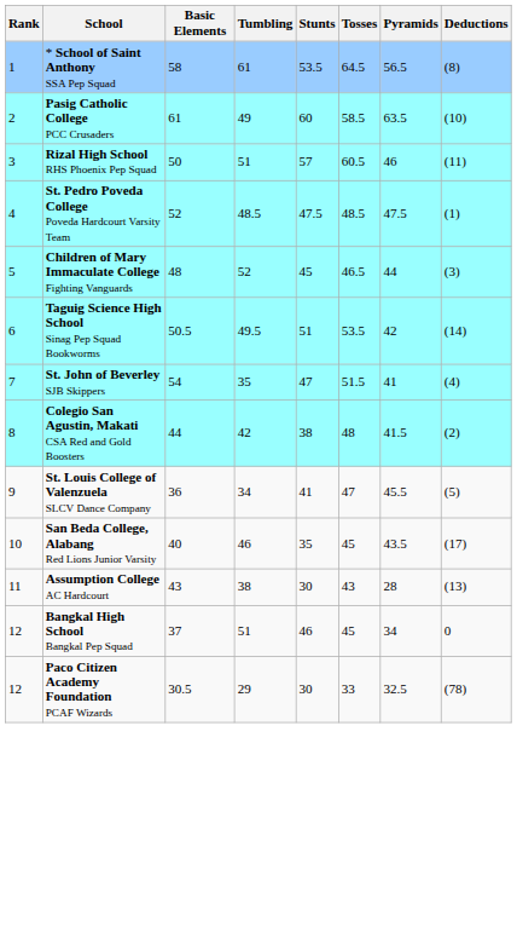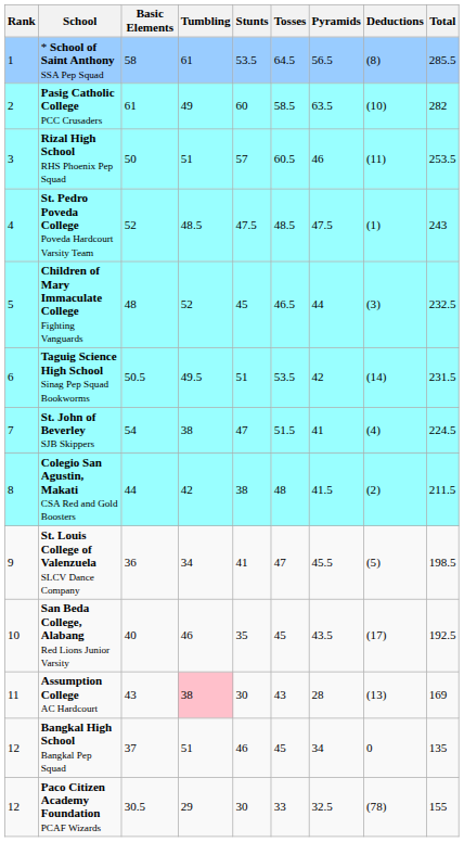 <table class="wikitable" style="text align: center">
 <tr bgcolor="#efefef">
 <th>Rank</th>
 <th>School</th>
 <th>Basic Elements</th>
 <th>Tumbling</th>
 <th>Stunts</th>
 <th>Tosses</th>
 <th>Pyramids</th>
 <th>Deductions</th>
+<th>Total</th>
 </tr>
 <tr bgcolor="99CCFF">
 <td>1</td>
 <td>* <strong>School of Saint Anthony</strong> <br><small>SSA Pep Squad</small></td>
 <td>58</td>
 <td>61</td>
 <td>53.5</td>
 <td>64.5</td>
 <td>56.5</td>
 <td>(8)</td>
+<td>285.5</td>
 </tr>
 <tr bgcolor="99FFFF">
 <td>2</td>
 <td><strong>Pasig Catholic College</strong> <br> <small>PCC Crusaders</small></td>
 <td>61</td>
 <td>49</td>
 <td>60</td>
 <td>58.5</td>
 <td>63.5</td>
 <td>(10)</td>
+<td>282</td>
 </tr>
 <tr bgcolor="99FFFF">
 <td>3</td>
 <td><strong>Rizal High School</strong> <br><small>RHS Phoenix Pep Squad</small></td>
 <td>50</td>
 <td>51</td>
 <td>57</td>
 <td>60.5</td>
 <td>46</td>
 <td>(11)</td>
+<td>253.5</td>
 </tr>
 <tr bgcolor="99FFFF">
 <td>4</td>
 <td><strong>St. Pedro Poveda College</strong> <br><small>Poveda Hardcourt Varsity Team</small></td>
 <td>52</td>
 <td>48.5</td>
 <td>47.5</td>
 <td>48.5</td>
 <td>47.5</td>
 <td>(1)</td>
+<td>243</td>
 </tr>
 <tr bgcolor="99FFFF">
 <td>5</td>
 <td><strong>Children of Mary Immaculate College</strong> <br><small>Fighting Vanguards</small></td>
 <td>48</td>
 <td>52</td>
 <td>45</td>
 <td>46.5</td>
 <td>44</td>
 <td>(3)</td>
+<td>232.5</td>
 </tr>
 <tr bgcolor="99FFFF">
 <td>6</td>
 <td><strong>Taguig Science High School</strong> <br> <small>Sinag Pep Squad Bookworms</small></td>
 <td>50.5</td>
 <td>49.5</td>
 <td>51</td>
 <td>53.5</td>
 <td>42</td>
 <td>(14)</td>
+<td>231.5</td>
 </tr>
 <tr bgcolor="99FFFF">
 <td>7</td>
 <td><strong>St. John of Beverley</strong> <br><small>SJB Skippers</small></td>
 <td>54</td>
-<td>35</td>
+<td>38</td>
 <td>47</td>
 <td>51.5</td>
 <td>41</td>
 <td>(4)</td>
+<td>224.5</td>
 </tr>
 <tr bgcolor="99FFFF">
 <td>8</td>
 <td><strong>Colegio San Agustin, Makati</strong> <br><small>CSA Red and Gold Boosters</small></td>
 <td>44</td>
 <td>42</td>
 <td>38</td>
 <td>48</td>
 <td>41.5</td>
 <td>(2)</td>
+<td>211.5</td>
 </tr>
 <tr>
 <td>9</td>
 <td><strong>St. Louis College of Valenzuela</strong> <br><small>SLCV Dance Company</small></td>
 <td>36</td>
 <td>34</td>
 <td>41</td>
 <td>47</td>
 <td>45.5</td>
 <td>(5)</td>
+<td>198.5</td>
 </tr>
 <tr>
 <td>10</td>
 <td><strong>San Beda College, Alabang</strong> <br><small>Red Lions Junior Varsity</small></td>
 <td>40</td>
 <td>46</td>
 <td>35</td>
 <td>45</td>
 <td>43.5</td>
 <td>(17)</td>
+<td>192.5</td>
 </tr>
 <tr>
 <td>11</td>
 <td><strong>Assumption College</strong> <br><small>AC Hardcourt</small></td>
 <td>43</td>
-<td>38</td>
+<td style="background: pink;">38</td>
 <td>30</td>
 <td>43</td>
 <td>28</td>
 <td>(13)</td>
+<td>169</td>
 </tr>
 <tr>
 <td>12</td>
 <td><strong>Bangkal High School</strong> <br><small>Bangkal Pep Squad</small></td>
 <td>37</td>
 <td>51</td>
 <td>46</td>
 <td>45</td>
 <td>34</td>
 <td>0</td>
+<td>135</td>
 </tr>
 <tr>
 <td>12</td>
 <td><strong>Paco Citizen Academy Foundation</strong> <br><small>PCAF Wizards</small></td>
 <td>30.5</td>
 <td>29</td>
 <td>30</td>
 <td>33</td>
 <td>32.5</td>
 <td>(78)</td>
+<td>155</td>
 </tr>
 </table>
